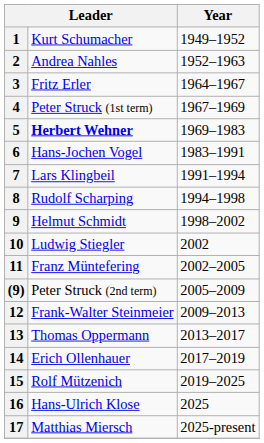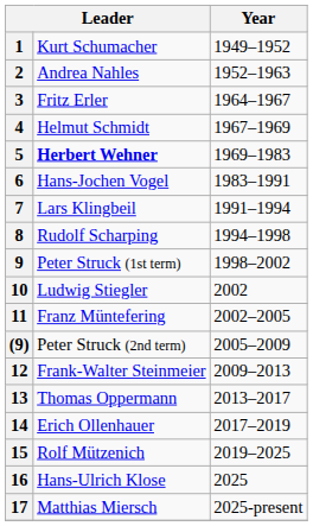 <table class="wikitable">
 <tr>
 <th colspan=2>Leader</th>
 <th>Year</th>
 </tr>
 <tr>
 <th style="background:">1</th>
 <td><a href='#'>Kurt Schumacher</a></td>
 <td>1949–1952</td>
 </tr>
 <tr>
 <th style="background:">2</th>
 <td><a href='#'>Andrea Nahles</a></td>
 <td>1952–1963</td>
 </tr>
 <tr>
 <th style="background:">3</th>
 <td><a href='#'>Fritz Erler</a></td>
 <td>1964–1967</td>
 </tr>
 <tr>
 <th style="background:">4</th>
-<td><a href='#'>Peter Struck</a> <small>(1st term)</small></td>
+<td><a href='#'>Helmut Schmidt</a></td>
 <td>1967–1969</td>
 </tr>
 <tr>
 <th style="background:">5</th>
 <td><strong><a href='#'>Herbert Wehner</a></strong></td>
 <td>1969–1983</td>
 </tr>
 <tr>
 <th style="background:">6</th>
 <td><a href='#'>Hans-Jochen Vogel</a></td>
 <td>1983–1991</td>
 </tr>
 <tr>
 <th style="background:">7</th>
 <td><a href='#'>Lars Klingbeil</a></td>
 <td>1991–1994</td>
 </tr>
 <tr>
 <th style="background:">8</th>
 <td><a href='#'>Rudolf Scharping</a></td>
 <td>1994–1998</td>
 </tr>
 <tr>
 <th style="background:">9</th>
-<td><a href='#'>Helmut Schmidt</a></td>
+<td><a href='#'>Peter Struck</a> <small>(1st term)</small></td>
 <td>1998–2002</td>
 </tr>
 <tr>
 <th style="background:">10</th>
 <td><a href='#'>Ludwig Stiegler</a></td>
 <td>2002</td>
 </tr>
 <tr>
 <th style="background:">11</th>
 <td><a href='#'>Franz Müntefering</a></td>
 <td>2002–2005</td>
 </tr>
 <tr>
 <th style="background:">(9)</th>
 <td>Peter Struck <small>(2nd term)</small></td>
 <td>2005–2009</td>
 </tr>
 <tr>
 <th style="background:">12</th>
 <td><a href='#'>Frank-Walter Steinmeier</a></td>
 <td>2009–2013</td>
 </tr>
 <tr>
 <th style="background:">13</th>
 <td><a href='#'>Thomas Oppermann</a></td>
 <td>2013–2017</td>
 </tr>
 <tr>
 <th style="background:">14</th>
 <td><a href='#'>Erich Ollenhauer</a></td>
 <td>2017–2019</td>
 </tr>
 <tr>
 <th style="background:">15</th>
 <td><a href='#'>Rolf Mützenich</a></td>
 <td>2019–2025</td>
 </tr>
 <tr>
 <th style="background:">16</th>
 <td><a href='#'>Hans-Ulrich Klose</a></td>
 <td>2025</td>
 </tr>
 <tr>
 <th style="background:">17</th>
 <td><a href='#'>Matthias Miersch</a></td>
 <td>2025-present</td>
 </tr>
 <tr>
 </tr>
 </table>
